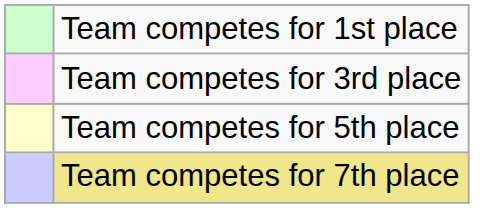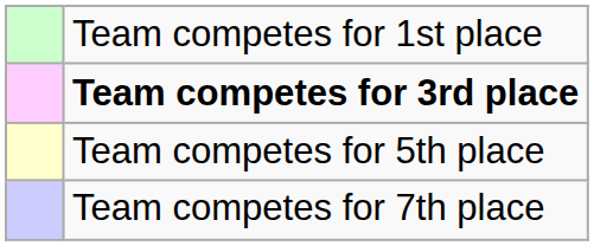 <table class="wikitable">
 <tr>
 <td style="background:#cfc">    </td>
 <td>Team competes for 1st place</td>
 </tr>
 <tr>
 <td style="background:#ffccff">    </td>
-<td>Team competes for 3rd place</td>
+<td><strong>Team competes for 3rd place</strong></td>
 </tr>
 <tr>
 <td style="background:#ffc">    </td>
 <td>Team competes for 5th place</td>
 </tr>
 <tr>
 <td bgcolor=ccccff>    </td>
-<td style="background: khaki;">Team competes for 7th place</td>
+<td>Team competes for 7th place</td>
 </tr>
 </table>
